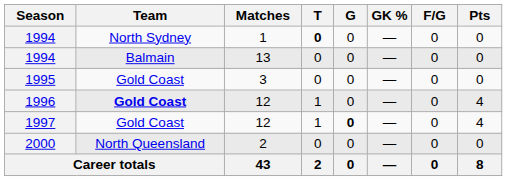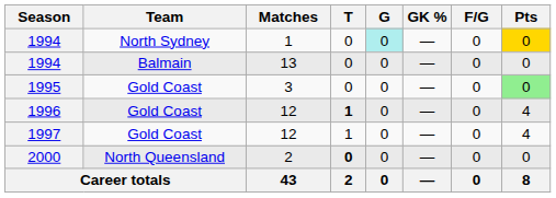 <table class="wikitable sortable"  style="font-size:90%; text-align:center; width:85%;">
 <tr>
 <th width=2%>Season</th>
 <th width=8%>Team</th>
 <th width=2%>Matches</th>
 <th width=2%>T</th>
 <th width=2%>G</th>
 <th width=2%>GK %</th>
 <th width=2%>F/G</th>
 <th width=2%>Pts</th>
 </tr>
 <tr>
 <th scope="row" style="text-align:center; font-weight:normal"><a href='#'>1994</a></th>
 <td style="text-align:center;"> <a href='#'>North Sydney</a></td>
 <td>1</td>
-<td><strong>0</strong></td>
 <td>0</td>
+<td style="background: paleturquoise;">0</td>
 <td>—</td>
 <td>0</td>
-<td>0</td>
+<td style="background: gold;">0</td>
 </tr>
 <tr style="background:#eaeaea;">
 <th scope="row" style="text-align:center; font-weight:normal"><a href='#'>1994</a></th>
 <td style="text-align:center;"> <a href='#'>Balmain</a></td>
 <td>13</td>
 <td>0</td>
 <td>0</td>
 <td>—</td>
 <td>0</td>
 <td>0</td>
 </tr>
 <tr>
 <th scope="row" style="text-align:center; font-weight:normal"><a href='#'>1995</a></th>
 <td style="text-align:center;"> <a href='#'>Gold Coast</a></td>
 <td>3</td>
 <td>0</td>
 <td>0</td>
 <td>—</td>
 <td>0</td>
-<td>0</td>
+<td style="background: lightgreen;">0</td>
 </tr>
 <tr style="background:#eaeaea;">
 <th scope="row" style="text-align:center; font-weight:normal"><a href='#'>1996</a></th>
-<td style="text-align:center;"><strong> <a href='#'>Gold Coast</a></strong></td>
+<td style="text-align:center;"> <a href='#'>Gold Coast</a></td>
 <td>12</td>
-<td>1</td>
+<td><strong>1</strong></td>
 <td>0</td>
 <td>—</td>
 <td>0</td>
 <td>4</td>
 </tr>
 <tr>
 <th scope="row" style="text-align:center; font-weight:normal"><a href='#'>1997</a></th>
 <td style="text-align:center;"> <a href='#'>Gold Coast</a></td>
 <td>12</td>
 <td>1</td>
-<td><strong>0</strong></td>
+<td>0</td>
 <td>—</td>
 <td>0</td>
 <td>4</td>
 </tr>
 <tr style="background:#eaeaea;">
 <th scope="row" style="text-align:center; font-weight:normal"><a href='#'>2000</a></th>
 <td style="text-align:center;"> <a href='#'>North Queensland</a></td>
 <td>2</td>
-<td>0</td>
+<td><strong>0</strong></td>
 <td>0</td>
 <td>—</td>
 <td>0</td>
 <td>0</td>
 </tr>
 <tr class="sortbottom">
 <th colspan=2>Career totals</th>
 <th>43</th>
 <th>2</th>
 <th>0</th>
 <th>—</th>
 <th>0</th>
 <th>8</th>
 </tr>
 </table>
